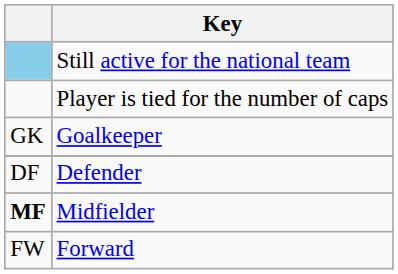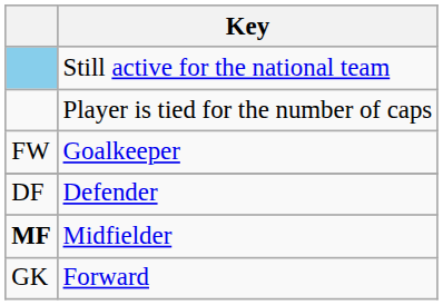 <table class="wikitable" style="font-size:85%;">
 <tr>
 <th></th>
 <th style="align: left">Key</th>
 </tr>
 <tr>
 <td style="background:#87CEEB;"></td>
 <td>Still <a href='#'>active for the national team</a></td>
 </tr>
 <tr>
 <td></td>
 <td>Player is tied for the number of caps</td>
 </tr>
 <tr>
-<td>GK</td>
+<td>FW</td>
 <td><a href='#'>Goalkeeper</a></td>
 </tr>
 <tr>
 </tr>
 <tr>
 <td>DF</td>
 <td><a href='#'>Defender</a></td>
 </tr>
 <tr>
 <td><strong>MF</strong></td>
 <td><a href='#'>Midfielder</a></td>
 </tr>
 <tr>
-<td>FW</td>
+<td>GK</td>
 <td><a href='#'>Forward</a></td>
 </tr>
 </table>
